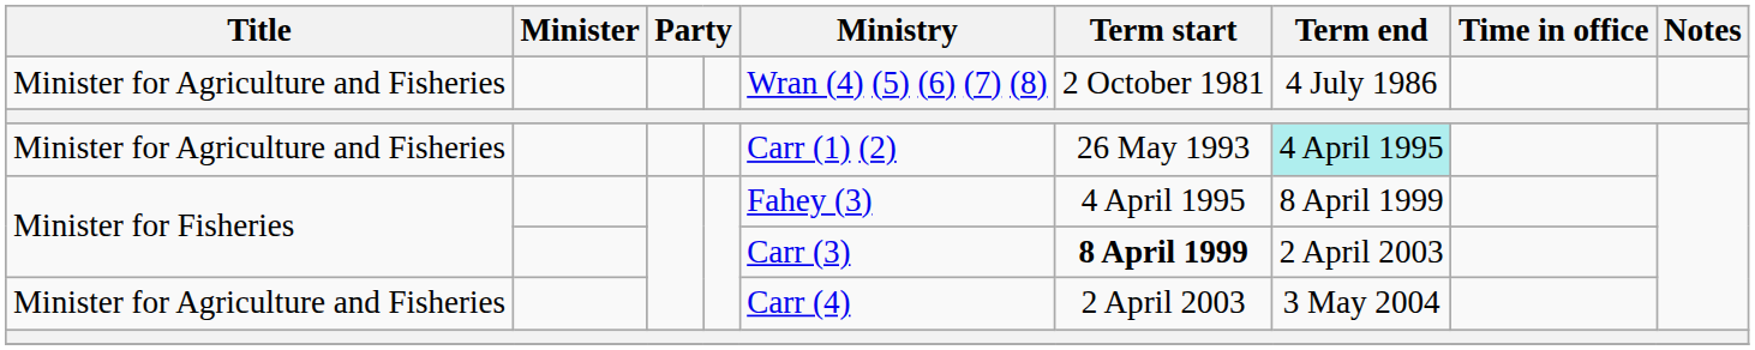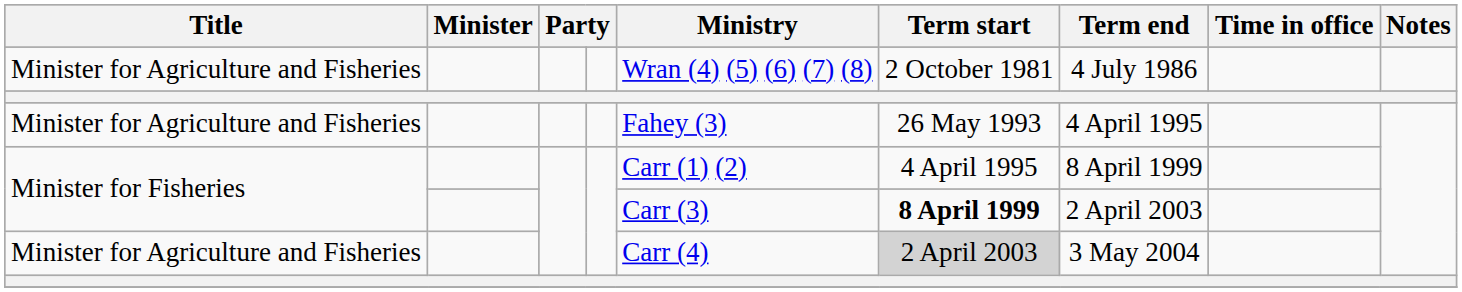 <table class="wikitable sortable">
 <tr>
 <th>Title</th>
 <th>Minister</th>
 <th colspan=2>Party</th>
 <th>Ministry</th>
 <th>Term start</th>
 <th>Term end</th>
 <th>Time in office</th>
 <th class="unsortable">Notes</th>
 </tr>
 <tr>
 <td>Minister for Agriculture and Fisheries</td>
 <td></td>
 <td> </td>
 <td></td>
 <td><a href='#'>Wran (4)</a> <a href='#'>(5)</a> <a href='#'>(6)</a> <a href='#'>(7)</a> <a href='#'>(8)</a></td>
 <td align=center>2 October 1981</td>
 <td align=center>4 July 1986</td>
 <td align=right><strong></strong></td>
 </tr>
 <tr>
 <th colspan="9"></th>
 </tr>
 <tr>
 <td>Minister for Agriculture and Fisheries</td>
 <td></td>
 <td> </td>
 <td></td>
-<td><a href='#'>Carr (1)</a> <a href='#'>(2)</a></td>
+<td><a href='#'>Fahey (3)</a></td>
 <td align=center>26 May 1993</td>
-<td align=center style="background: paleturquoise;">4 April 1995</td>
+<td align=center>4 April 1995</td>
 <td align=right></td>
 </tr>
 <tr>
 <td rowspan=2>Minister for Fisheries</td>
 <td></td>
 <td rowspan=3 > </td>
 <td rowspan=3></td>
-<td><a href='#'>Fahey (3)</a></td>
+<td><a href='#'>Carr (1)</a> <a href='#'>(2)</a></td>
 <td align=center>4 April 1995</td>
 <td align=center>8 April 1999</td>
 <td align=right></td>
 </tr>
 <tr>
 <td></td>
 <td><a href='#'>Carr (3)</a></td>
 <td align=center><strong>8 April 1999</strong></td>
 <td align=center>2 April 2003</td>
 <td align=right></td>
 </tr>
 <tr>
 <td>Minister for Agriculture and Fisheries</td>
 <td></td>
 <td><a href='#'>Carr (4)</a></td>
-<td align=center>2 April 2003</td>
+<td align=center style="background: lightgrey;">2 April 2003</td>
 <td align=center>3 May 2004</td>
 <td align=right></td>
 </tr>
 <tr>
 <th colspan=9></th>
 </tr>
 <tr>
 </tr>
 </table>
